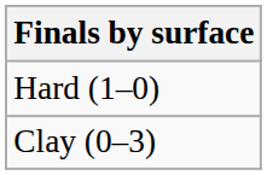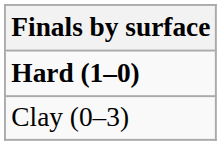 <table class=wikitable style=font-size:90%>
 <tr>
 <th>Finals by surface</th>
 </tr>
 <tr>
-<td>Hard (1–0)</td>
+<td><strong>Hard (1–0)</strong></td>
 </tr>
 <tr>
 <td>Clay (0–3)</td>
 </tr>
 </table>
